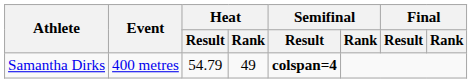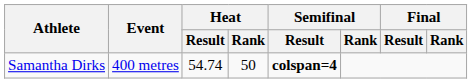 <table class=wikitable style=font-size:90%>
 <tr>
 <th rowspan=2>Athlete</th>
 <th rowspan=2>Event</th>
 <th colspan=2>Heat</th>
 <th colspan=2>Semifinal</th>
 <th colspan=2>Final</th>
 </tr>
 <tr style=font-size:95%>
 <th>Result</th>
 <th>Rank</th>
 <th>Result</th>
 <th>Rank</th>
 <th>Result</th>
 <th>Rank</th>
 </tr>
 <tr align=center>
 <td align=left><a href='#'>Samantha Dirks</a></td>
 <td align=left><a href='#'>400 metres</a></td>
-<td>54.79</td>
-<td>49</td>
+<td>54.74</td>
+<td>50</td>
 <td><strong>colspan=4 </strong></td>
 </tr>
 </table>
